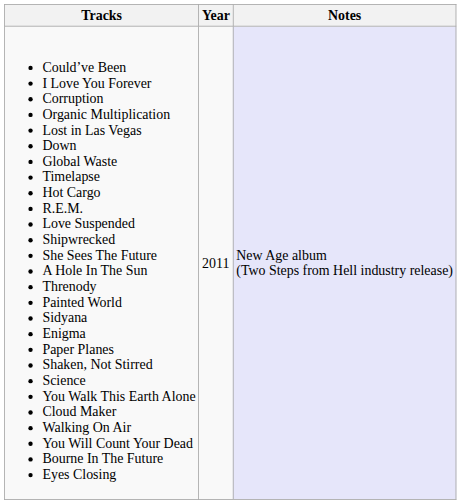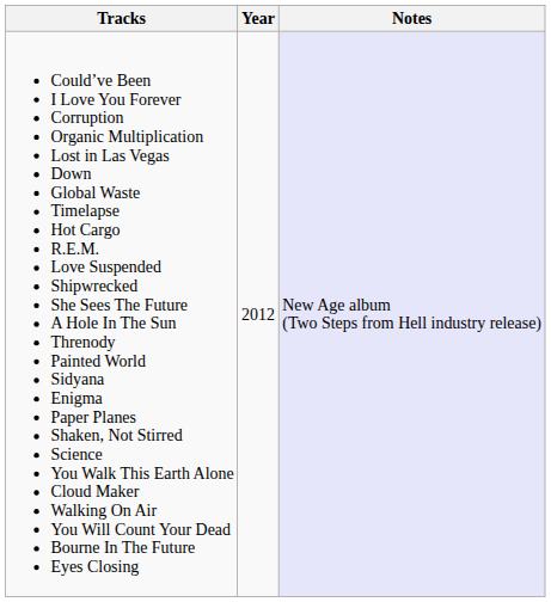 <table class="wikitable sortable">
 <tr>
 <th>Tracks</th>
 <th>Year</th>
 <th>Notes</th>
 </tr>
 <tr>
 <td><br><ul><li>Could’ve Been</li><li>I Love You Forever</li><li>Corruption</li><li>Organic Multiplication</li><li>Lost in Las Vegas</li><li>Down</li><li>Global Waste</li><li>Timelapse</li><li>Hot Cargo</li><li>R.E.M.</li><li>Love Suspended</li><li>Shipwrecked</li><li>She Sees The Future</li><li>A Hole In The Sun</li><li>Threnody</li><li>Painted World</li><li>Sidyana</li><li>Enigma</li><li>Paper Planes</li><li>Shaken, Not Stirred</li><li>Science</li><li>You Walk This Earth Alone</li><li>Cloud Maker</li><li>Walking On Air</li><li>You Will Count Your Dead</li><li>Bourne In The Future</li><li>Eyes Closing</li></ul></td>
-<td>2011</td>
+<td>2012</td>
 <td style="background: lavender;">New Age album<br>(Two Steps from Hell industry release)</td>
 </tr>
 </table>
